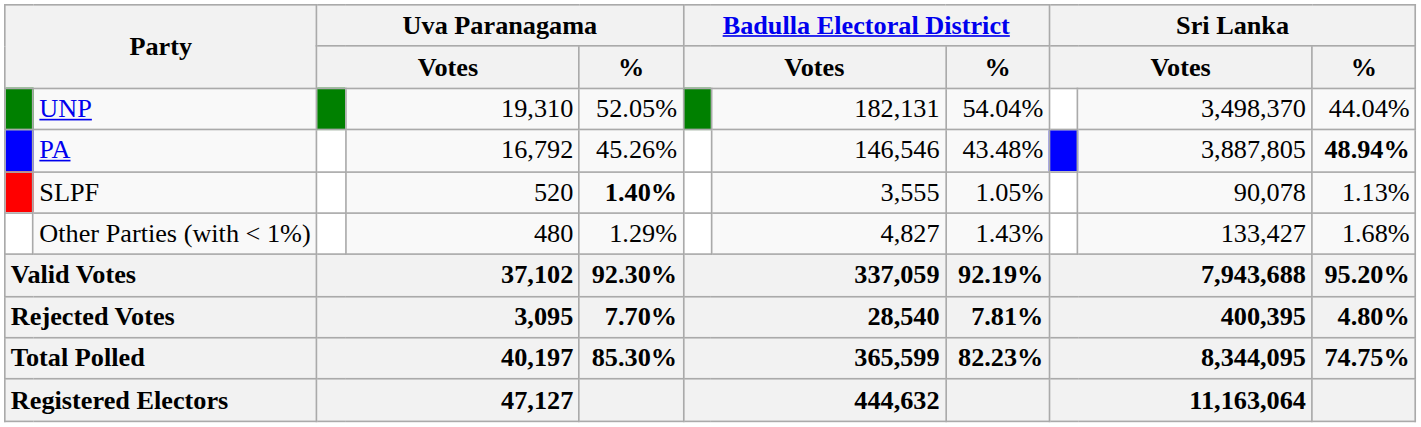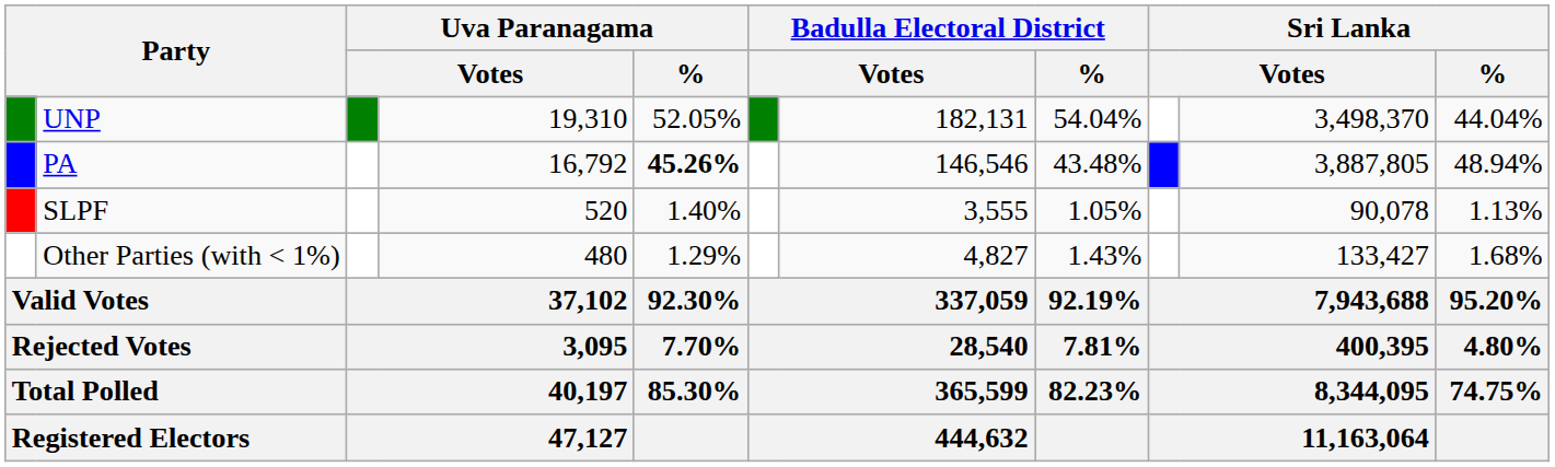 <table class="wikitable">
 <tr>
 <th colspan="2" width="144px"rowspan="2">Party</th>
 <th colspan="3" width="216px">Uva Paranagama</th>
 <th colspan="3" width="216px"><a href='#'>Badulla Electoral District</a></th>
 <th colspan="3" width="216px">Sri Lanka</th>
 </tr>
 <tr>
 <th colspan="2" width="144px">Votes</th>
 <th>%</th>
 <th colspan="2" width="144px">Votes</th>
 <th>%</th>
 <th colspan="2" width="144px">Votes</th>
 <th>%</th>
 </tr>
 <tr>
 <td style="background-color:green;" width="10px"></td>
 <td style="text-align:left;"><a href='#'>UNP</a></td>
 <td style="background-color:green;" width="10px"></td>
 <td style="text-align:right;">19,310</td>
 <td style="text-align:right;">52.05%</td>
 <td style="background-color:green;" width="10px"></td>
 <td style="text-align:right;">182,131</td>
 <td style="text-align:right;">54.04%</td>
 <td style="background-color:white;" width="10px"></td>
 <td style="text-align:right;">3,498,370</td>
 <td style="text-align:right;">44.04%</td>
 </tr>
 <tr>
 <td style="background-color:blue;" width="10px"></td>
 <td style="text-align:left;"><a href='#'>PA</a></td>
 <td style="background-color:white;" width="10px"></td>
 <td style="text-align:right;">16,792</td>
-<td style="text-align:right;">45.26%</td>
+<td style="text-align:right;"><strong>45.26%</strong></td>
 <td style="background-color:white;" width="10px"></td>
 <td style="text-align:right;">146,546</td>
 <td style="text-align:right;">43.48%</td>
 <td style="background-color:blue;" width="10px"></td>
 <td style="text-align:right;">3,887,805</td>
-<td style="text-align:right;"><strong>48.94%</strong></td>
+<td style="text-align:right;">48.94%</td>
 </tr>
 <tr>
 <td style="background-color:red;" width="10px"></td>
 <td style="text-align:left;">SLPF</td>
 <td style="background-color:white;" width="10px"></td>
 <td style="text-align:right;">520</td>
-<td style="text-align:right;"><strong>1.40%</strong></td>
+<td style="text-align:right;">1.40%</td>
 <td style="background-color:white;" width="10px"></td>
 <td style="text-align:right;">3,555</td>
 <td style="text-align:right;">1.05%</td>
 <td style="background-color:white;" width="10px"></td>
 <td style="text-align:right;">90,078</td>
 <td style="text-align:right;">1.13%</td>
 </tr>
 <tr>
 <td style="background-color:white;" width="10px"></td>
 <td style="text-align:left;">Other Parties (with < 1%)</td>
 <td style="background-color:white;" width="10px"></td>
 <td style="text-align:right;">480</td>
 <td style="text-align:right;">1.29%</td>
 <td style="background-color:white;" width="10px"></td>
 <td style="text-align:right;">4,827</td>
 <td style="text-align:right;">1.43%</td>
 <td style="background-color:white;" width="10px"></td>
 <td style="text-align:right;">133,427</td>
 <td style="text-align:right;">1.68%</td>
 </tr>
 <tr>
 <th colspan="2" width="144px"style="text-align:left;">Valid Votes</th>
 <th style="text-align:right;"colspan="2" width="144px">37,102</th>
 <th style="text-align:right;">92.30%</th>
 <th style="text-align:right;"colspan="2" width="144px">337,059</th>
 <th style="text-align:right;">92.19%</th>
 <th style="text-align:right;"colspan="2" width="144px">7,943,688</th>
 <th style="text-align:right;">95.20%</th>
 </tr>
 <tr>
 <th colspan="2" width="144px"style="text-align:left;">Rejected Votes</th>
 <th style="text-align:right;"colspan="2" width="144px">3,095</th>
 <th style="text-align:right;">7.70%</th>
 <th style="text-align:right;"colspan="2" width="144px">28,540</th>
 <th style="text-align:right;">7.81%</th>
 <th style="text-align:right;"colspan="2" width="144px">400,395</th>
 <th style="text-align:right;">4.80%</th>
 </tr>
 <tr>
 <th colspan="2" width="144px"style="text-align:left;">Total Polled</th>
 <th style="text-align:right;"colspan="2" width="144px">40,197</th>
 <th style="text-align:right;">85.30%</th>
 <th style="text-align:right;"colspan="2" width="144px">365,599</th>
 <th style="text-align:right;">82.23%</th>
 <th style="text-align:right;"colspan="2" width="144px">8,344,095</th>
 <th style="text-align:right;">74.75%</th>
 </tr>
 <tr>
 <th colspan="2" width="144px"style="text-align:left;">Registered Electors</th>
 <th style="text-align:right;"colspan="2" width="144px">47,127</th>
 <th></th>
 <th style="text-align:right;"colspan="2" width="144px">444,632</th>
 <th></th>
 <th style="text-align:right;"colspan="2" width="144px">11,163,064</th>
 <th></th>
 </tr>
 </table>
